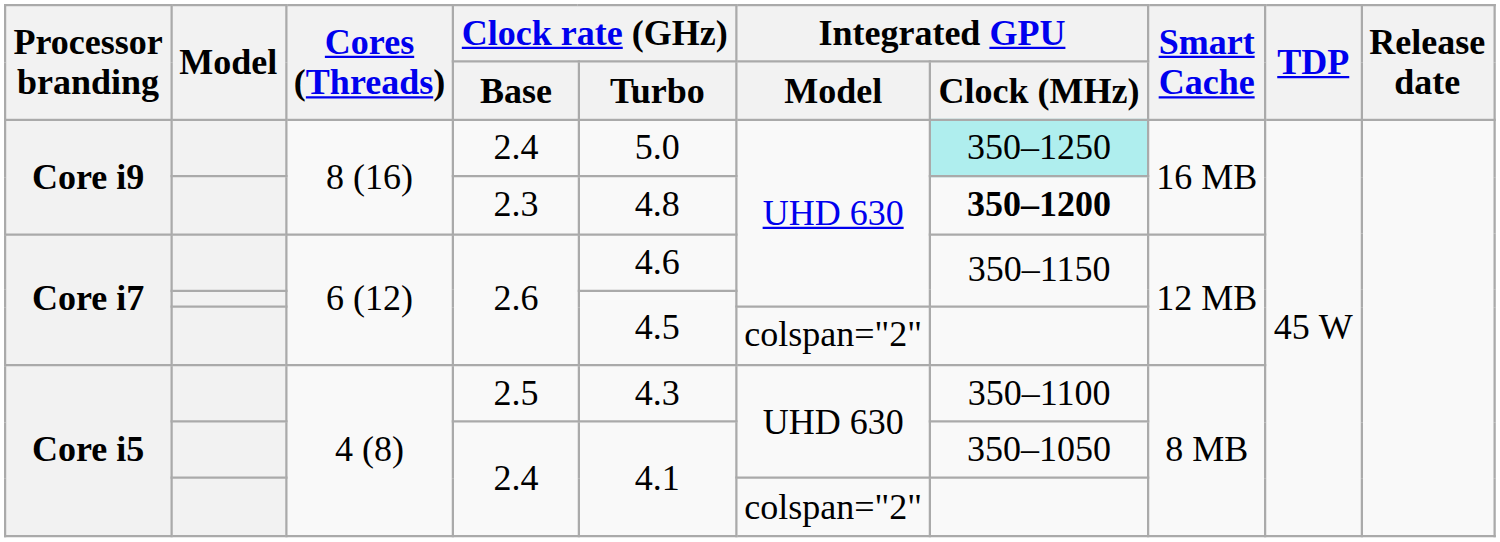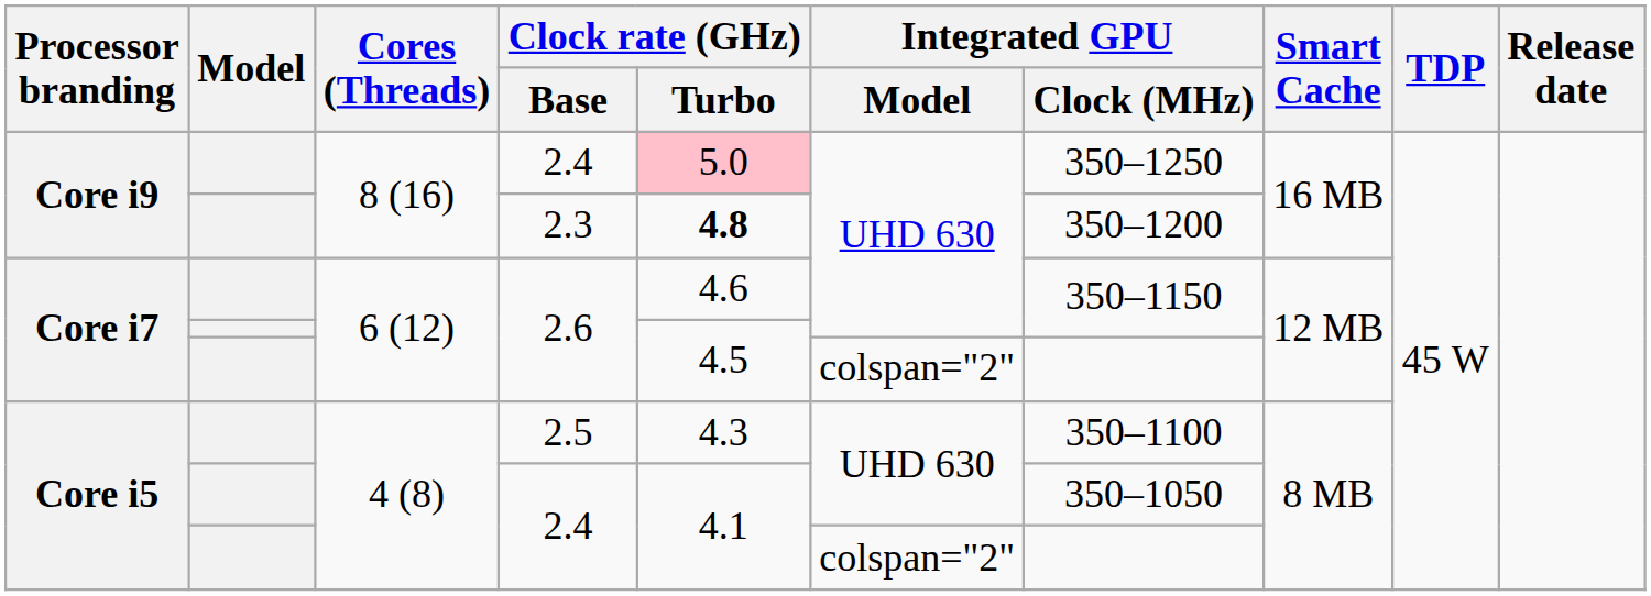 <table class="wikitable sortable nowrap" style="text-align: center;">
 <tr>
 <th class="unsortable" rowspan="2">Processor<br>branding</th>
 <th rowspan="2">Model</th>
 <th class="unsortable" rowspan="2"><a href='#'>Cores</a><br>(<a href='#'>Threads</a>)</th>
 <th colspan="2"><a href='#'>Clock rate</a> (GHz)</th>
 <th colspan="2">Integrated <a href='#'>GPU</a></th>
 <th class="unsortable" rowspan="2"><a href='#'>Smart<br>Cache</a></th>
 <th rowspan="2"><a href='#'>TDP</a></th>
 <th rowspan="2">Release<br>date</th>
 </tr>
 <tr>
 <th class="unsortable">Base</th>
 <th class="unsortable">Turbo</th>
 <th class="unsortable">Model</th>
 <th class="unsortable">Clock (MHz)</th>
 </tr>
 <tr>
 <th rowspan="2">Core i9</th>
 <th style="text-align:left;" data-sort-value="sku8"></th>
 <td rowspan="2">8 (16)</td>
 <td>2.4</td>
-<td>5.0</td>
+<td style="background: pink;">5.0</td>
 <td rowspan="4"><a href='#'>UHD 630</a></td>
-<td style="background: paleturquoise;">350–1250</td>
+<td>350–1250</td>
 <td rowspan="2">16 MB</td>
 <td rowspan="8">45 W</td>
 <td rowspan="8"></td>
 </tr>
 <tr>
 <th style="text-align:left;" data-sort-value="sku7"></th>
 <td>2.3</td>
-<td>4.8</td>
-<td><strong>350–1200</strong></td>
+<td><strong>4.8</strong></td>
+<td>350–1200</td>
 </tr>
 <tr>
 <th rowspan="3">Core i7</th>
 <th style="text-align:left;" data-sort-value="sku6"></th>
 <td rowspan="3">6 (12)</td>
 <td rowspan="3">2.6</td>
 <td>4.6</td>
 <td rowspan="2">350–1150</td>
 <td rowspan="3">12 MB</td>
 </tr>
 <tr>
 <th style="text-align:left;" data-sort-value="sku5"></th>
 <td rowspan="2">4.5</td>
 </tr>
 <tr>
 <th style="text-align:left;" data-sort-value="sku4"></th>
 <td>colspan="2" </td>
 </tr>
 <tr>
 <th rowspan="3">Core i5</th>
 <th style="text-align:left;" data-sort-value="sku3"></th>
 <td rowspan="3">4 (8)</td>
 <td>2.5</td>
 <td>4.3</td>
 <td rowspan="2">UHD 630</td>
 <td>350–1100</td>
 <td rowspan="3">8 MB</td>
 </tr>
 <tr>
 <th style="text-align:left;" data-sort-value="sku2"></th>
 <td rowspan="2">2.4</td>
 <td rowspan="2">4.1</td>
 <td>350–1050</td>
 </tr>
 <tr>
 <th style="text-align:left;" data-sort-value="sku1"></th>
 <td>colspan="2" </td>
 </tr>
 </table>
